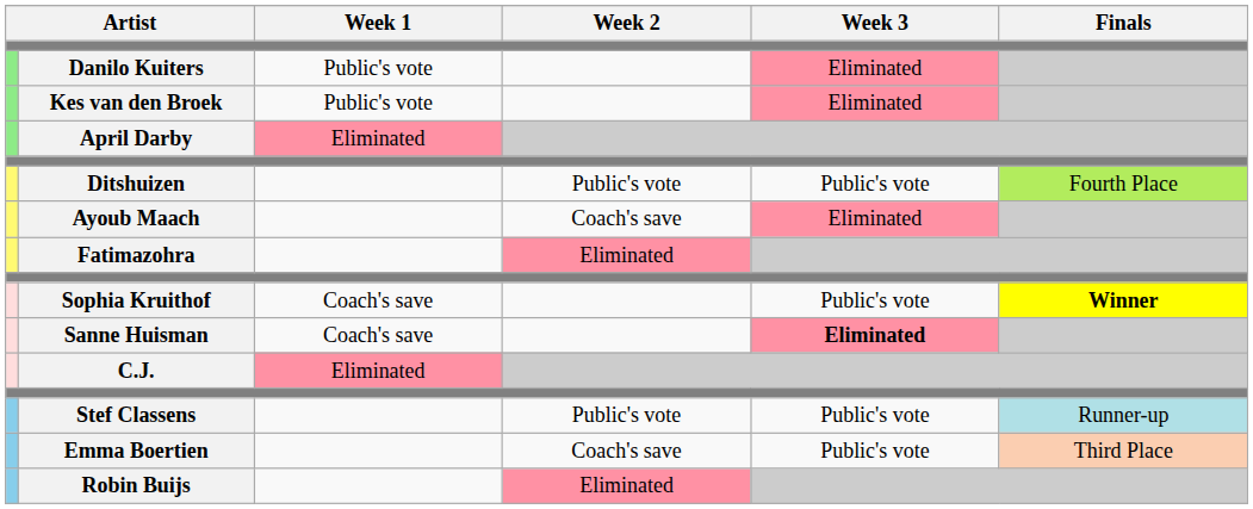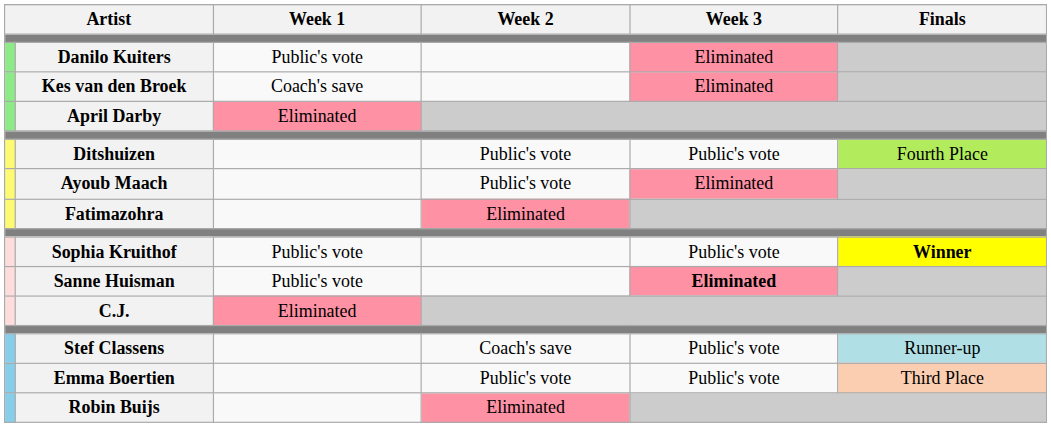 <table class="wikitable"  style="text-align:center; font-size:95%; width:100%;">
 <tr>
 </tr>
 <tr>
 <th style="width:20%"  rowspan="1" colspan="2" scope="col">Artist</th>
 <th style="width:20%"  rowspan="1" colspan="1" scope="col">Week 1</th>
 <th style="width:20%"  rowspan="1" colspan="1" scope="col">Week 2</th>
 <th style="width:20%"  rowspan="1" colspan="1" scope="col">Week 3</th>
 <th style="width:20%"  rowspan="1" colspan="1" scope="col">Finals</th>
 </tr>
 <tr>
 <th colspan="10" style="background:grey;"></th>
 </tr>
 <tr>
 <th style="background:#8deb87;"></th>
 <th>Danilo Kuiters</th>
 <td>Public's vote</td>
 <td></td>
 <td style="background:#FF91A4;">Eliminated</td>
 <td colspan="3" style="background:#ccc;"></td>
 </tr>
 <tr>
 <th style="background:#8deb87;"></th>
 <th>Kes van den Broek</th>
-<td>Public's vote</td>
+<td>Coach's save</td>
 <td></td>
 <td style="background:#FF91A4;">Eliminated</td>
 <td colspan="3" style="background:#ccc;"></td>
 </tr>
 <tr>
 <th style="background:#8deb87;"></th>
 <th>April Darby</th>
 <td style="background:#FF91A4;">Eliminated</td>
 <td colspan="3" style="background:#ccc;"></td>
 </tr>
 <tr>
 <th colspan="6" style="background:grey;"></th>
 </tr>
 <tr>
 <th style="background:#fffa73;"></th>
 <th> Ditshuizen</th>
 <td></td>
 <td>Public's vote</td>
 <td>Public's vote</td>
 <td style="background:#B2EC5D">Fourth Place</td>
 </tr>
 <tr>
 <th style="background:#fffa73;"></th>
 <th>Ayoub Maach</th>
 <td></td>
-<td>Coach's save</td>
+<td>Public's vote</td>
 <td style="background:#FF91A4;">Eliminated</td>
 <td colspan="3" style="background:#ccc;"></td>
 </tr>
 <tr>
 <th style="background:#fffa73;"></th>
 <th>Fatimazohra</th>
 <td></td>
 <td style="background:#FF91A4;">Eliminated</td>
 <td colspan="3" style="background:#ccc;"></td>
 </tr>
 <tr>
 <th colspan="6" style="background:grey;"></th>
 </tr>
 <tr>
 <th style="background:#ffdddd;"></th>
 <th>Sophia Kruithof</th>
-<td>Coach's save</td>
+<td>Public's vote</td>
 <td></td>
 <td>Public's vote</td>
 <td style="background:yellow;"><strong>Winner</strong></td>
 </tr>
 <tr>
 <th style="background:#ffdddd;"></th>
 <th>Sanne Huisman</th>
-<td>Coach's save</td>
+<td>Public's vote</td>
 <td></td>
 <td style="background:#FF91A4;"><strong>Eliminated</strong></td>
 <td colspan="3" style="background:#ccc;"></td>
 </tr>
 <tr>
 <th style="background:#ffdddd;"></th>
 <th>C.J.</th>
 <td style="background:#FF91A4;">Eliminated</td>
 <td colspan="3" style="background:#ccc;"></td>
 </tr>
 <tr>
 <th colspan="6" style="background:grey;"></th>
 </tr>
 <tr>
 <th style="background:#87ceeb;"></th>
 <th>Stef Classens</th>
 <td></td>
-<td>Public's vote</td>
+<td>Coach's save</td>
 <td>Public's vote</td>
 <td style="background:#B0E0E6;">Runner-up</td>
 </tr>
 <tr>
 <th style="background:#87ceeb;"></th>
 <th>Emma Boertien</th>
 <td></td>
-<td>Coach's save</td>
+<td>Public's vote</td>
 <td>Public's vote</td>
 <td style="background:#FBCEB1;">Third Place</td>
 </tr>
 <tr>
 <th style="background:#87ceeb;"></th>
 <th>Robin Buijs</th>
 <td></td>
 <td style="background:#FF91A4;">Eliminated</td>
 <td colspan="3" style="background:#ccc;"></td>
 </tr>
 </table>
